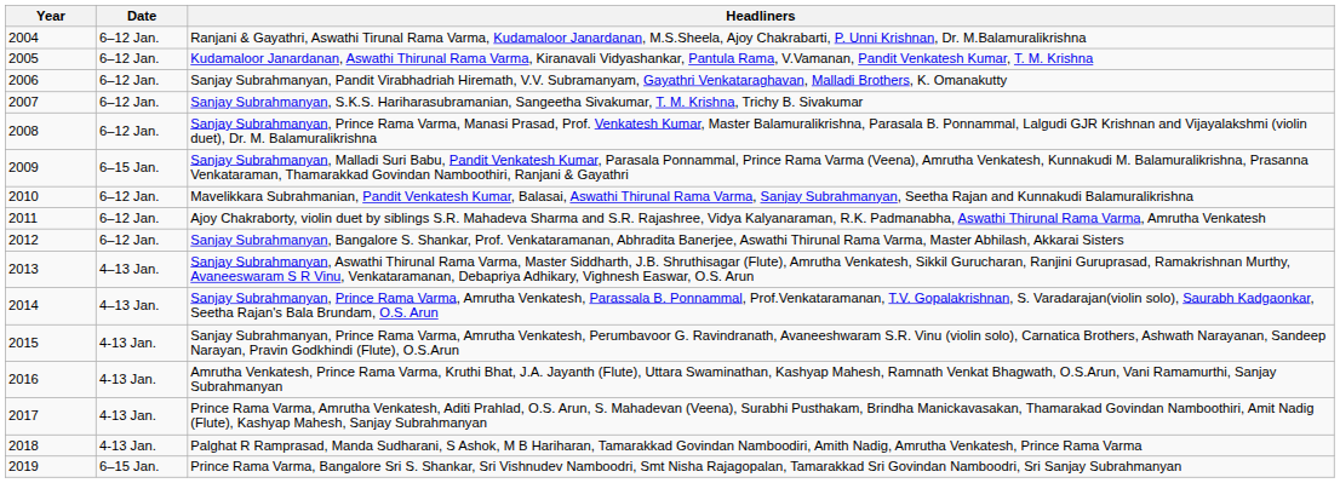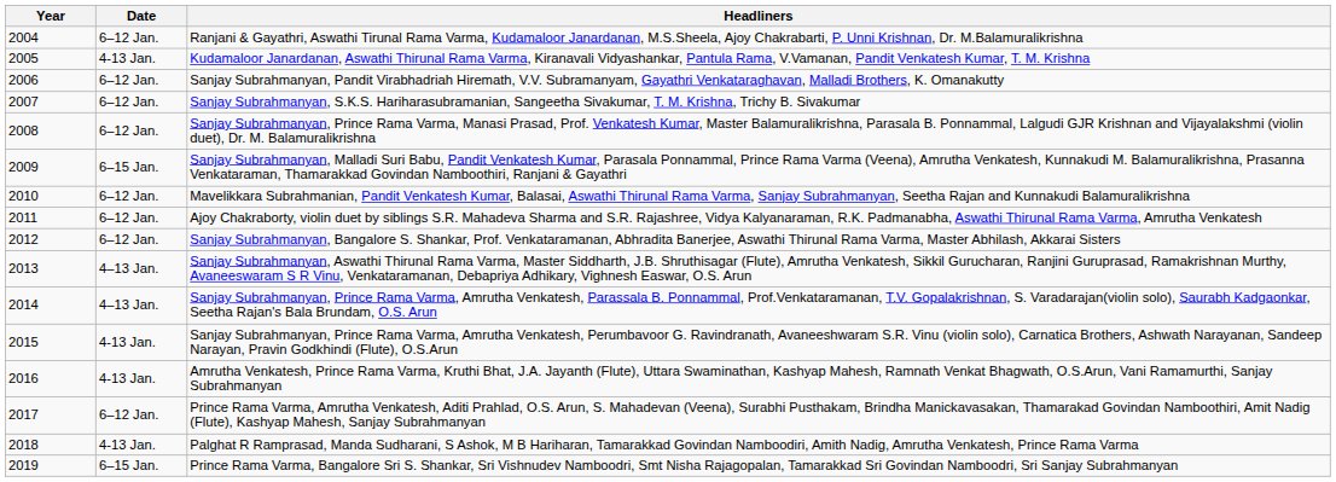 <table class="wikitable sortable">
 <tr>
 <th width="100">Year</th>
 <th width="100">Date</th>
 <th>Headliners</th>
 </tr>
 <tr>
 <td>2004</td>
 <td>6–12 Jan.</td>
 <td>Ranjani & Gayathri, Aswathi Tirunal Rama Varma, <a href='#'>Kudamaloor Janardanan</a>, M.S.Sheela, Ajoy Chakrabarti, <a href='#'>P. Unni Krishnan</a>, Dr. M.Balamuralikrishna</td>
 </tr>
 <tr>
 <td>2005</td>
-<td>6–12 Jan.</td>
+<td>4-13 Jan.</td>
 <td><a href='#'>Kudamaloor Janardanan</a>, <a href='#'>Aswathi Thirunal Rama Varma</a>, Kiranavali Vidyashankar, <a href='#'>Pantula Rama</a>, V.Vamanan, <a href='#'>Pandit Venkatesh Kumar</a>, <a href='#'>T. M. Krishna</a></td>
 </tr>
 <tr>
 <td>2006</td>
 <td>6–12 Jan.</td>
 <td>Sanjay Subrahmanyan, Pandit Virabhadriah Hiremath, V.V. Subramanyam, <a href='#'>Gayathri Venkataraghavan</a>, <a href='#'>Malladi Brothers</a>, K. Omanakutty</td>
 </tr>
 <tr>
 <td>2007</td>
 <td>6–12 Jan.</td>
 <td><a href='#'>Sanjay Subrahmanyan</a>, S.K.S. Hariharasubramanian, Sangeetha Sivakumar, <a href='#'>T. M. Krishna</a>, Trichy B. Sivakumar</td>
 </tr>
 <tr>
 <td>2008</td>
 <td>6–12 Jan.</td>
 <td><a href='#'>Sanjay Subrahmanyan</a>, Prince Rama Varma, Manasi Prasad, Prof. <a href='#'>Venkatesh Kumar</a>, Master Balamuralikrishna, Parasala B. Ponnammal, Lalgudi GJR Krishnan and Vijayalakshmi (violin duet), Dr. M. Balamuralikrishna</td>
 </tr>
 <tr>
 <td>2009</td>
 <td>6–15 Jan.</td>
 <td><a href='#'>Sanjay Subrahmanyan</a>, Malladi Suri Babu, <a href='#'>Pandit Venkatesh Kumar</a>, Parasala Ponnammal, Prince Rama Varma (Veena), Amrutha Venkatesh, Kunnakudi M. Balamuralikrishna, Prasanna Venkataraman, Thamarakkad Govindan Namboothiri, Ranjani & Gayathri</td>
 </tr>
 <tr>
 <td>2010</td>
 <td>6–12 Jan.</td>
 <td>Mavelikkara Subrahmanian, <a href='#'>Pandit Venkatesh Kumar</a>, Balasai, <a href='#'>Aswathi Thirunal Rama Varma</a>, <a href='#'>Sanjay Subrahmanyan</a>, Seetha Rajan and Kunnakudi Balamuralikrishna</td>
 </tr>
 <tr>
 <td>2011</td>
 <td>6–12 Jan.</td>
 <td>Ajoy Chakraborty, violin duet by siblings S.R. Mahadeva Sharma and S.R. Rajashree, Vidya Kalyanaraman, R.K. Padmanabha, <a href='#'>Aswathi Thirunal Rama Varma</a>, Amrutha Venkatesh</td>
 </tr>
 <tr>
 <td>2012</td>
 <td>6–12 Jan.</td>
 <td><a href='#'>Sanjay Subrahmanyan</a>, Bangalore S. Shankar, Prof. Venkataramanan, Abhradita Banerjee, Aswathi Thirunal Rama Varma, Master Abhilash, Akkarai Sisters</td>
 </tr>
 <tr>
 <td>2013</td>
 <td>4–13 Jan.</td>
 <td><a href='#'>Sanjay Subrahmanyan</a>, Aswathi Thirunal Rama Varma, Master Siddharth, J.B. Shruthisagar (Flute), Amrutha Venkatesh, Sikkil Gurucharan, Ranjini Guruprasad, Ramakrishnan Murthy, <a href='#'>Avaneeswaram S R Vinu</a>, Venkataramanan, Debapriya Adhikary, Vighnesh Easwar, O.S. Arun</td>
 </tr>
 <tr>
 <td>2014</td>
 <td>4–13 Jan.</td>
 <td><a href='#'>Sanjay Subrahmanyan</a>, <a href='#'>Prince Rama Varma</a>, Amrutha Venkatesh, <a href='#'>Parassala B. Ponnammal</a>, Prof.Venkataramanan, <a href='#'>T.V. Gopalakrishnan</a>, S. Varadarajan(violin solo), <a href='#'>Saurabh Kadgaonkar</a>, Seetha Rajan's Bala Brundam, <a href='#'>O.S. Arun</a></td>
 </tr>
 <tr>
 <td>2015</td>
 <td>4-13 Jan.</td>
 <td>Sanjay Subrahmanyan, Prince Rama Varma, Amrutha Venkatesh, Perumbavoor G. Ravindranath, Avaneeshwaram S.R. Vinu (violin solo), Carnatica Brothers, Ashwath Narayanan, Sandeep Narayan, Pravin Godkhindi (Flute), O.S.Arun</td>
 </tr>
 <tr>
 <td>2016</td>
 <td>4-13 Jan.</td>
 <td>Amrutha Venkatesh, Prince Rama Varma, Kruthi Bhat, J.A. Jayanth (Flute), Uttara Swaminathan, Kashyap Mahesh, Ramnath Venkat Bhagwath, O.S.Arun, Vani Ramamurthi, Sanjay Subrahmanyan</td>
 </tr>
 <tr>
 <td>2017</td>
-<td>4-13 Jan.</td>
+<td>6–12 Jan.</td>
 <td>Prince Rama Varma, Amrutha Venkatesh, Aditi Prahlad, O.S. Arun, S. Mahadevan (Veena), Surabhi Pusthakam, Brindha Manickavasakan, Thamarakad Govindan Namboothiri, Amit Nadig (Flute), Kashyap Mahesh, Sanjay Subrahmanyan</td>
 </tr>
 <tr>
 <td>2018</td>
 <td>4-13 Jan.</td>
 <td>Palghat R Ramprasad, Manda Sudharani, S Ashok, M B Hariharan, Tamarakkad Govindan Namboodiri, Amith Nadig, Amrutha Venkatesh, Prince Rama Varma</td>
 </tr>
 <tr>
 <td>2019</td>
 <td>6–15 Jan.</td>
 <td>Prince Rama Varma, Bangalore Sri S. Shankar, Sri Vishnudev Namboodri, Smt Nisha Rajagopalan, Tamarakkad Sri Govindan Namboodri, Sri Sanjay Subrahmanyan</td>
 </tr>
 </table>
